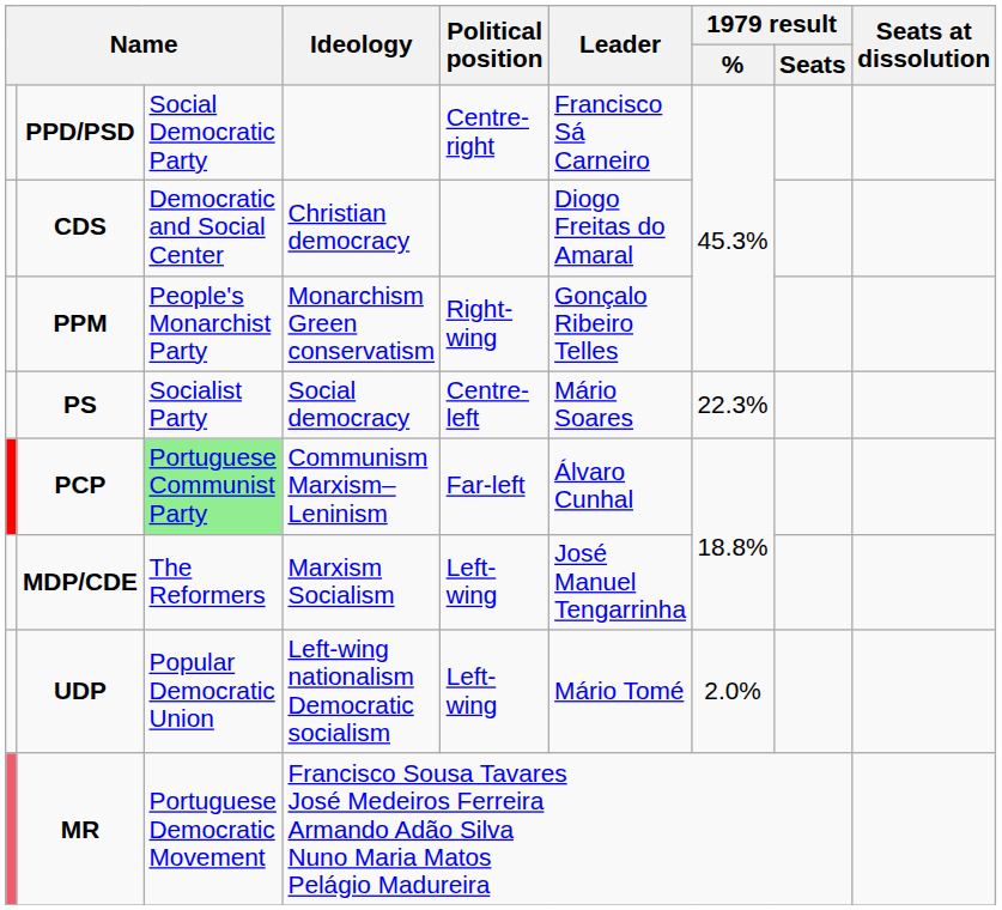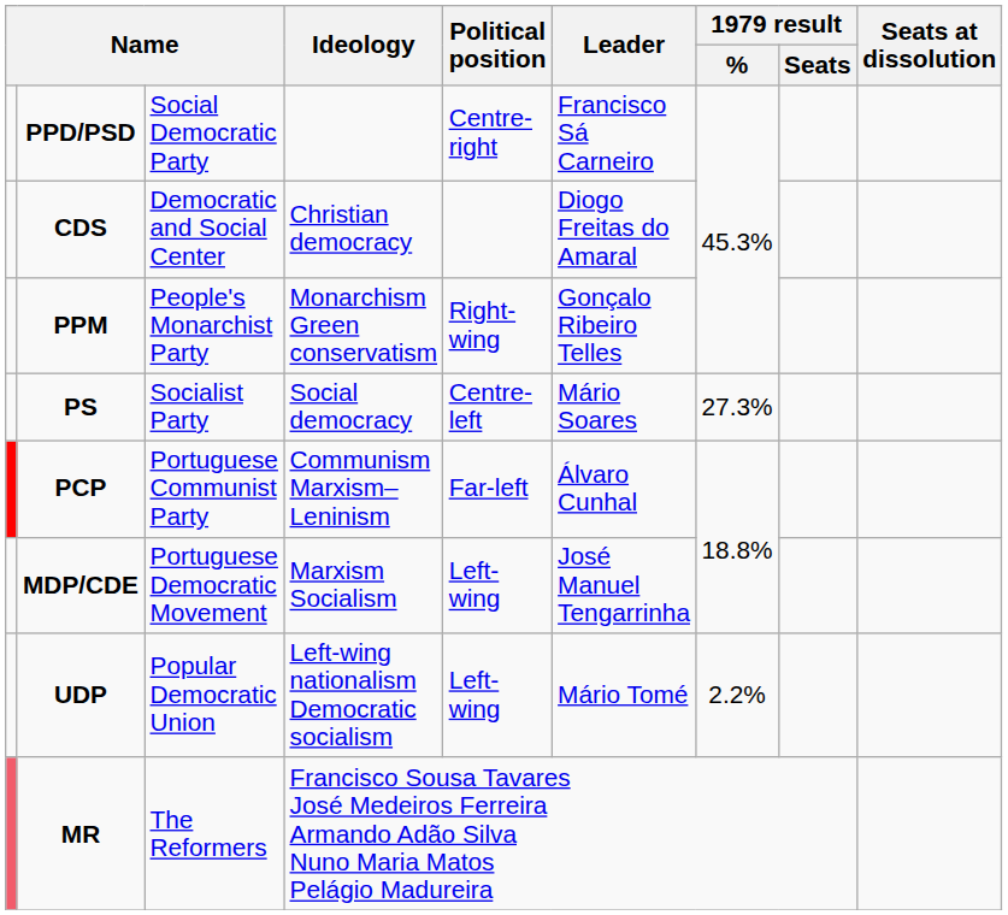 <table class="wikitable">
 <tr>
 <th rowspan="2" colspan="3">Name</th>
 <th rowspan="2">Ideology</th>
 <th rowspan="2">Political position</th>
 <th rowspan="2">Leader</th>
 <th colspan="2">1979 result</th>
 <th rowspan="2">Seats at<br>dissolution</th>
 </tr>
 <tr>
 <th>%</th>
 <th>Seats</th>
 </tr>
 <tr>
 <td style="background:"></td>
 <td style="text-align:center;"><strong>PPD/PSD</strong></td>
 <td><a href='#'>Social Democratic Party</a><br></td>
 <td></td>
 <td><a href='#'>Centre-right</a></td>
 <td><a href='#'>Francisco Sá Carneiro</a></td>
 <td rowspan="3" style="text-align:center;"><br>45.3%<br></td>
 <td></td>
 <td></td>
 </tr>
 <tr>
 <td style="background:"></td>
 <td style="text-align:center;"><strong>CDS</strong></td>
 <td><a href='#'>Democratic and Social Center</a><br></td>
 <td><a href='#'>Christian democracy</a></td>
 <td></td>
 <td><a href='#'>Diogo Freitas do Amaral</a></td>
 <td></td>
 <td></td>
 </tr>
 <tr>
 <td style="background:"></td>
 <td style="text-align:center;"><strong>PPM</strong></td>
 <td><a href='#'>People's Monarchist Party</a><br></td>
 <td><a href='#'>Monarchism</a><br><a href='#'>Green conservatism</a></td>
 <td><a href='#'>Right-wing</a></td>
 <td><a href='#'>Gonçalo Ribeiro Telles</a></td>
 <td></td>
 <td></td>
 </tr>
 <tr>
 <td style="background:"></td>
 <td style="text-align:center;"><strong>PS</strong></td>
 <td><a href='#'>Socialist Party</a><br></td>
 <td><a href='#'>Social democracy</a></td>
 <td><a href='#'>Centre-left</a></td>
 <td><a href='#'>Mário Soares</a></td>
-<td style="text-align:center;">22.3%<br></td>
+<td style="text-align:center;">27.3%<br></td>
 <td></td>
 <td></td>
 </tr>
 <tr>
 <td style="background:#f00;"></td>
 <td style="text-align:center;"><strong>PCP</strong></td>
-<td style="background: lightgreen;"><a href='#'>Portuguese Communist Party</a><br></td>
+<td><a href='#'>Portuguese Communist Party</a><br></td>
 <td><a href='#'>Communism</a><br><a href='#'>Marxism–Leninism</a></td>
 <td><a href='#'>Far-left</a></td>
 <td><a href='#'>Álvaro Cunhal</a></td>
 <td rowspan="2" style="text-align:center;"><br>18.8%<br></td>
 <td></td>
 <td></td>
 </tr>
 <tr>
 <td style="background:"></td>
 <td style="text-align:center;"><strong>MDP/CDE</strong></td>
-<td><a href='#'>The Reformers</a><br></td>
+<td><a href='#'>Portuguese Democratic Movement</a><br></td>
 <td><a href='#'>Marxism</a><br><a href='#'>Socialism</a></td>
 <td><a href='#'>Left-wing</a></td>
 <td><a href='#'>José Manuel Tengarrinha</a></td>
 <td></td>
 <td></td>
 </tr>
 <tr>
 <td style="background:"></td>
 <td style="text-align:center;"><strong>UDP</strong></td>
 <td><a href='#'>Popular Democratic Union</a><br></td>
 <td><a href='#'>Left-wing nationalism</a><br><a href='#'>Democratic socialism</a></td>
 <td><a href='#'>Left-wing</a></td>
 <td><a href='#'>Mário Tomé</a></td>
-<td style="text-align:center;">2.0%</td>
+<td style="text-align:center;">2.2%</td>
 <td></td>
 <td></td>
 </tr>
 <tr>
 <td style="color:inherit;background:#f25b6b;"></td>
 <td style="text-align:center;"><strong>MR</strong></td>
-<td><a href='#'>Portuguese Democratic Movement</a><br></td>
+<td><a href='#'>The Reformers</a><br></td>
 <td colspan="5"><a href='#'>Francisco Sousa Tavares</a> <br><a href='#'>José Medeiros Ferreira</a> <br><a href='#'>Armando Adão Silva</a> <br><a href='#'>Nuno Maria Matos</a> <br><a href='#'>Pelágio Madureira</a> </td>
 <td></td>
 </tr>
 </table>
